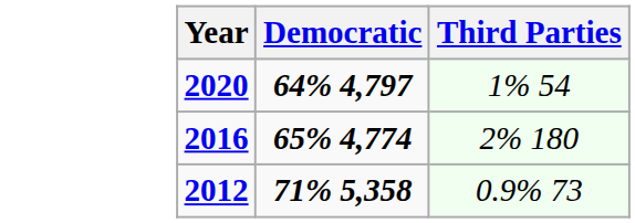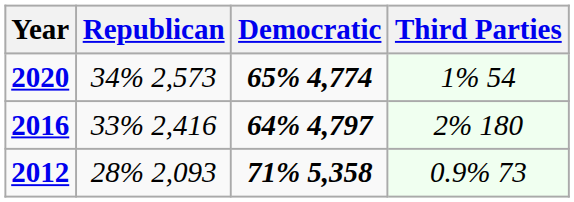 <table class="wikitable" style="float:right; font-size:95%;">
 <tr bgcolor=lightgrey>
 <th>Year</th>
+<th><a href='#'>Republican</a></th>
 <th><a href='#'>Democratic</a></th>
 <th><a href='#'>Third Parties</a></th>
 </tr>
 <tr>
 <td style="text-align:center; "><strong><a href='#'>2020</a></strong></td>
-<td style="text-align:center; "><strong> <em>64%</em> <em>4,797</em> </strong></td>
+<td style="text-align:center; "><em>34%</em> <em>2,573</em></td>
+<td style="text-align:center; "><strong> <em>65%</em> <em>4,774</em> </strong></td>
 <td style="text-align:center; background:honeyDew;"><em>1%</em> <em>54</em></td>
 </tr>
 <tr>
 <td style="text-align:center; "><strong><a href='#'>2016</a></strong></td>
-<td style="text-align:center; "><strong> <em>65%</em> <em>4,774</em> </strong></td>
+<td style="text-align:center; "><em>33%</em> <em>2,416</em></td>
+<td style="text-align:center; "><strong> <em>64%</em> <em>4,797</em> </strong></td>
 <td style="text-align:center; background:honeyDew;"><em>2%</em> <em>180</em></td>
 </tr>
 <tr>
 <td style="text-align:center; "><strong><a href='#'>2012</a></strong></td>
+<td style="text-align:center; "><em>28%</em> <em>2,093</em></td>
 <td style="text-align:center;"><strong> <em>71%</em> <em>5,358</em> </strong></td>
 <td style="text-align:center; background:honeyDew;"><em>0.9%</em> <em>73</em></td>
 </tr>
 </table>
